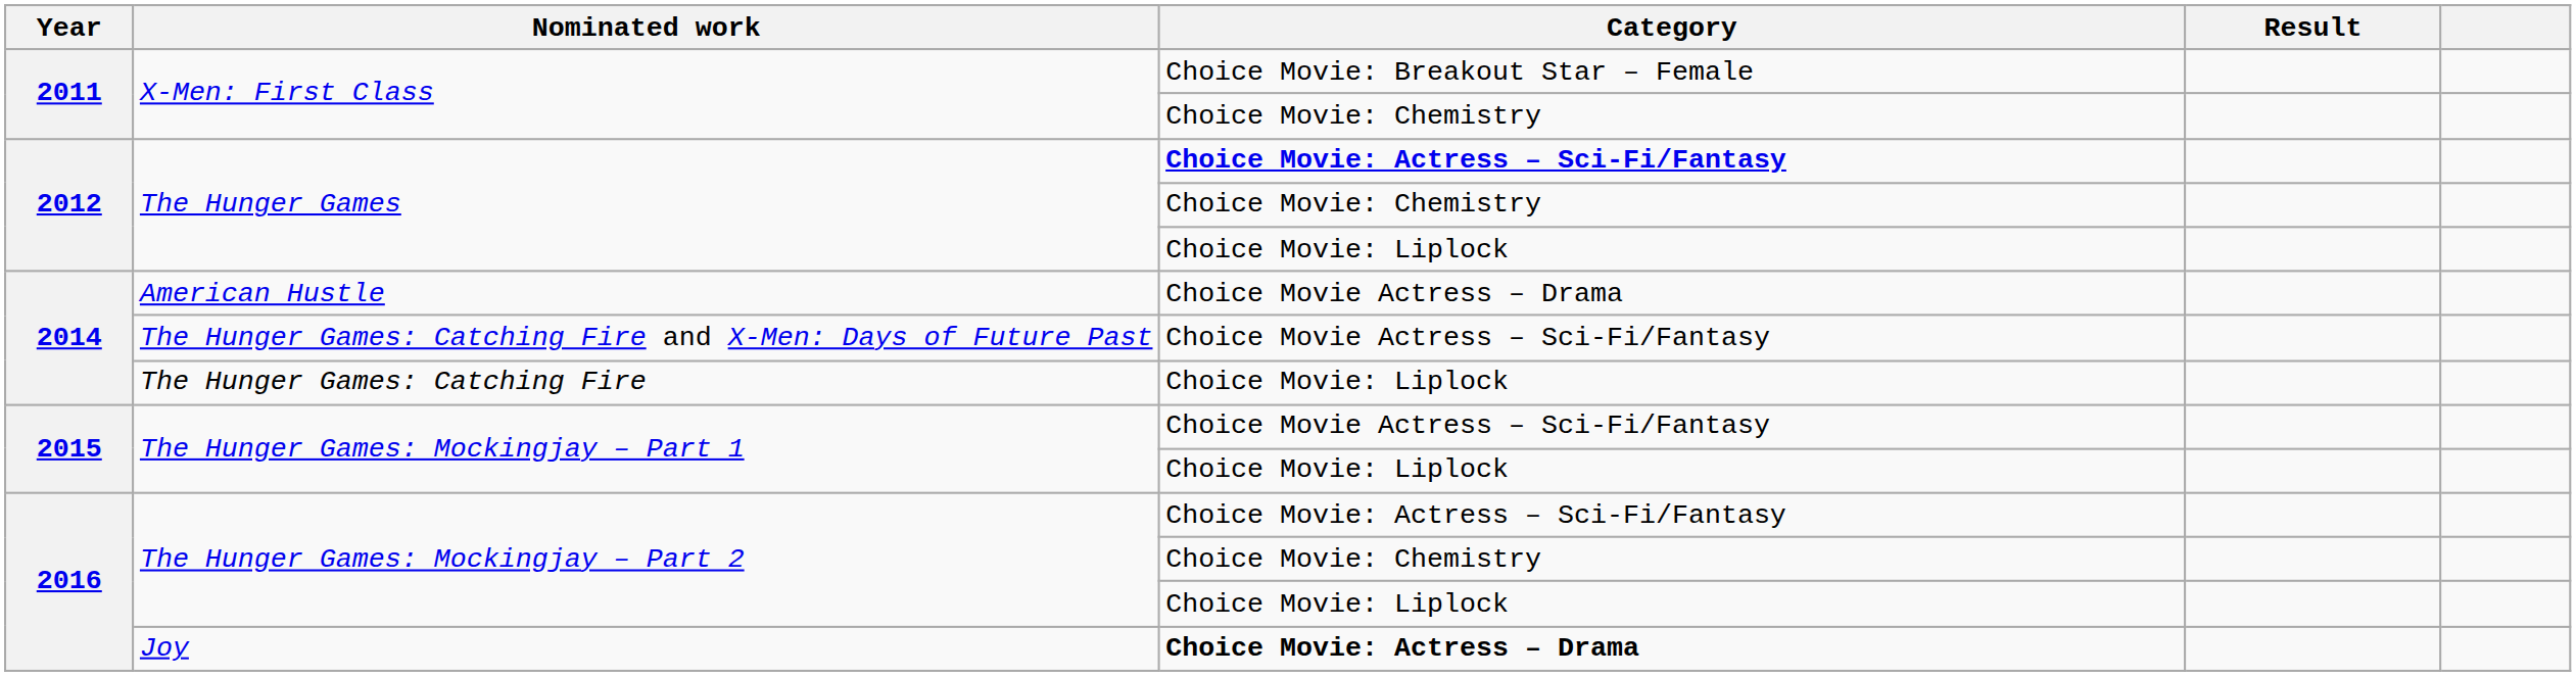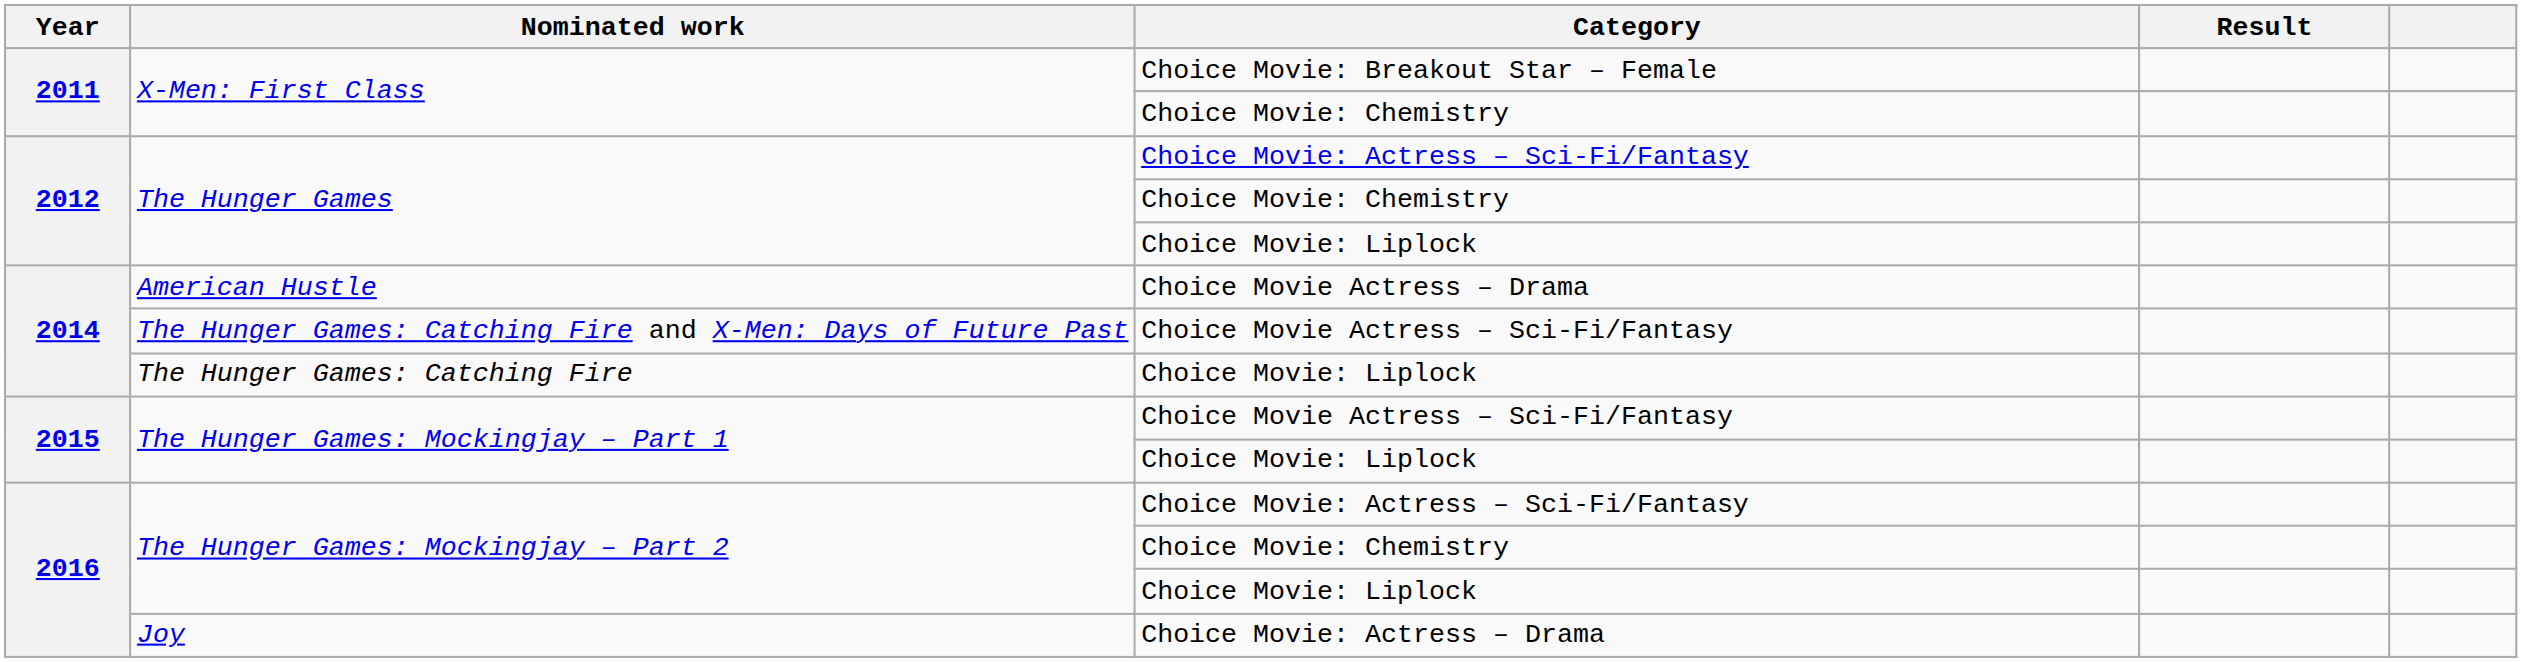 <table class="wikitable plainrowheaders">
 <tr>
 <th scope="col" style="width:5%;">Year</th>
 <th scope="col" style="width:40%;">Nominated work</th>
 <th scope="col" style="width:40%;">Category</th>
 <th scope="col" style="width:10%;">Result</th>
 <th scope="col" style="width:5%;"></th>
 </tr>
 <tr>
 <th scope="row" style="text-align:center;" rowspan="2"><a href='#'>2011</a></th>
 <td rowspan="2" style="text-align:left"><em><a href='#'>X-Men: First Class</a></em></td>
 <td>Choice Movie: Breakout Star – Female</td>
 <td></td>
 <td style="text-align:center;"></td>
 </tr>
 <tr>
 <td>Choice Movie: Chemistry</td>
 <td></td>
 <td style="text-align:center;"></td>
 </tr>
 <tr>
 <th scope="row" style="text-align:center;" rowspan="3"><a href='#'>2012</a></th>
 <td rowspan="3" style="text-align:left"><em><a href='#'>The Hunger Games</a></em></td>
-<td><strong><a href='#'>Choice Movie: Actress – Sci-Fi/Fantasy</a></strong></td>
+<td><a href='#'>Choice Movie: Actress – Sci-Fi/Fantasy</a></td>
 <td></td>
 <td style="text-align:center;"></td>
 </tr>
 <tr>
 <td>Choice Movie: Chemistry</td>
 <td></td>
 <td style="text-align:center;"></td>
 </tr>
 <tr>
 <td>Choice Movie: Liplock</td>
 <td></td>
 <td style="text-align:center;"></td>
 </tr>
 <tr>
 <th scope="row" style="text-align:center;" rowspan="3"><a href='#'>2014</a></th>
 <td style="text-align:left"><em><a href='#'>American Hustle</a></em></td>
 <td>Choice Movie Actress – Drama</td>
 <td></td>
 <td style="text-align:center;"></td>
 </tr>
 <tr>
 <td style="text-align:left"><em><a href='#'>The Hunger Games: Catching Fire</a></em> and <em><a href='#'>X-Men: Days of Future Past</a></em></td>
 <td>Choice Movie Actress – Sci-Fi/Fantasy</td>
 <td></td>
 <td style="text-align:center;"></td>
 </tr>
 <tr>
 <td style="text-align:left"><em>The Hunger Games: Catching Fire</em></td>
 <td>Choice Movie: Liplock</td>
 <td></td>
 <td style="text-align:center;"></td>
 </tr>
 <tr>
 <th scope="row" style="text-align:center;" rowspan="2"><a href='#'>2015</a></th>
 <td rowspan="2" style="text-align:left"><em><a href='#'>The Hunger Games: Mockingjay – Part 1</a></em></td>
 <td>Choice Movie Actress – Sci-Fi/Fantasy</td>
 <td></td>
 <td style="text-align:center;"></td>
 </tr>
 <tr>
 <td>Choice Movie: Liplock</td>
 <td></td>
 <td style="text-align:center;"></td>
 </tr>
 <tr>
 <th scope="row" style="text-align:center;" rowspan="4"><a href='#'>2016</a></th>
 <td rowspan="3" style="text-align:left"><em><a href='#'>The Hunger Games: Mockingjay – Part 2</a></em></td>
 <td>Choice Movie: Actress – Sci-Fi/Fantasy</td>
 <td></td>
 <td style="text-align:center;"></td>
 </tr>
 <tr>
 <td>Choice Movie: Chemistry</td>
 <td></td>
 <td style="text-align:center;"></td>
 </tr>
 <tr>
 <td>Choice Movie: Liplock</td>
 <td></td>
 <td style="text-align:center;"></td>
 </tr>
 <tr>
 <td style="text-align:left"><em><a href='#'>Joy</a></em></td>
-<td><strong>Choice Movie: Actress – Drama</strong></td>
+<td>Choice Movie: Actress – Drama</td>
 <td></td>
 <td style="text-align:center;"></td>
 </tr>
 </table>
